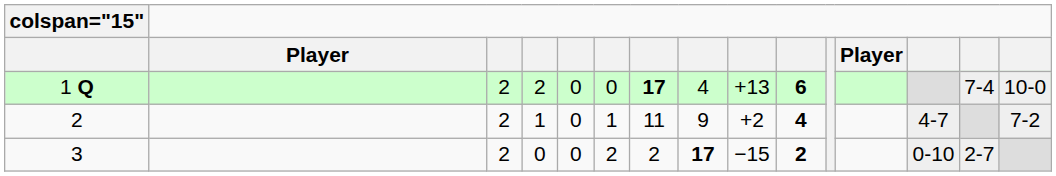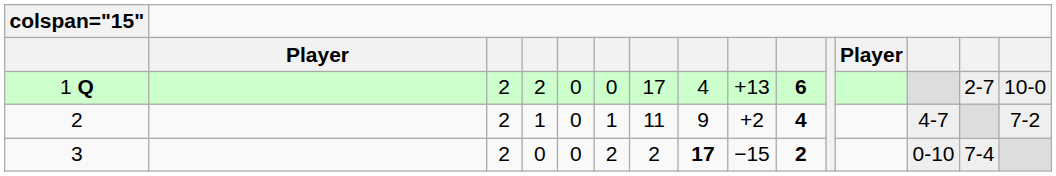 <table class=wikitable style=text-align:center>
 <tr>
 <th>colspan="15" </th>
 </tr>
 <tr>
 <th width=20 abbr=Position></th>
 <th width=250>Player</th>
 <th width=20 abbr=Played></th>
 <th width=20 abbr=Won></th>
 <th width=20 abbr=Drawn></th>
 <th width=20 abbr=Lost></th>
 <th width=30 abbr=Points for></th>
 <th width=30 abbr=Points against></th>
 <th width=30 abbr=Points difference></th>
 <th width=30 abbr=Points></th>
 <th rowspan="4" abbr=H2H></th>
 <th>Player</th>
 <th></th>
 <th></th>
 <th></th>
 </tr>
 <tr bgcolor=#CCFFCC>
 <td>1 <strong>Q</strong></td>
 <td align=left><strong></strong></td>
 <td>2</td>
 <td>2</td>
 <td>0</td>
 <td>0</td>
-<td><strong>17</strong></td>
+<td>17</td>
 <td>4</td>
 <td>+13</td>
 <td><strong>6</strong></td>
 <td></td>
 <td bgcolor="#dddddd"> </td>
-<td bgcolor="#efefef">7-4</td>
+<td bgcolor="#efefef">2-7</td>
 <td bgcolor="#efefef">10-0</td>
 </tr>
 <tr>
 <td>2  </td>
 <td align=left><strong></strong></td>
 <td>2</td>
 <td>1</td>
 <td>0</td>
 <td>1</td>
 <td>11</td>
 <td>9</td>
 <td>+2</td>
 <td><strong>4</strong></td>
 <td></td>
 <td bgcolor="#efefef">4-7</td>
 <td bgcolor="#dddddd"> </td>
 <td bgcolor="#efefef">7-2</td>
 </tr>
 <tr>
 <td>3 </td>
 <td align=left></td>
 <td>2</td>
 <td>0</td>
 <td>0</td>
 <td>2</td>
 <td>2</td>
 <td><strong>17</strong></td>
 <td>−15</td>
 <td><strong>2</strong></td>
 <td></td>
 <td bgcolor="#efefef">0-10</td>
-<td bgcolor="#efefef">2-7</td>
+<td bgcolor="#efefef">7-4</td>
 <td bgcolor="#dddddd"> </td>
 </tr>
 </table>
